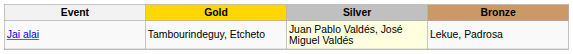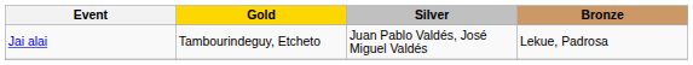 <table class="wikitable" style="max-width: 23cm; width: 100%">
 <tr>
 <th scope="col">Event</th>
 <th scope="col" style="background-color:gold; width:25%">Gold</th>
 <th scope="col" style="background-color:silver; width:25%; width:25%">Silver</th>
 <th scope="col" style="background-color:#cc9966; width:25%">Bronze</th>
 </tr>
 <tr>
 <td><a href='#'>Jai alai</a></td>
 <td> Tambourindeguy, Etcheto</td>
-<td style="background: lightyellow;"> Juan Pablo Valdés, José Miguel Valdés</td>
+<td> Juan Pablo Valdés, José Miguel Valdés</td>
 <td> Lekue, Padrosa</td>
 </tr>
 <tr>
 </tr>
 </table>
